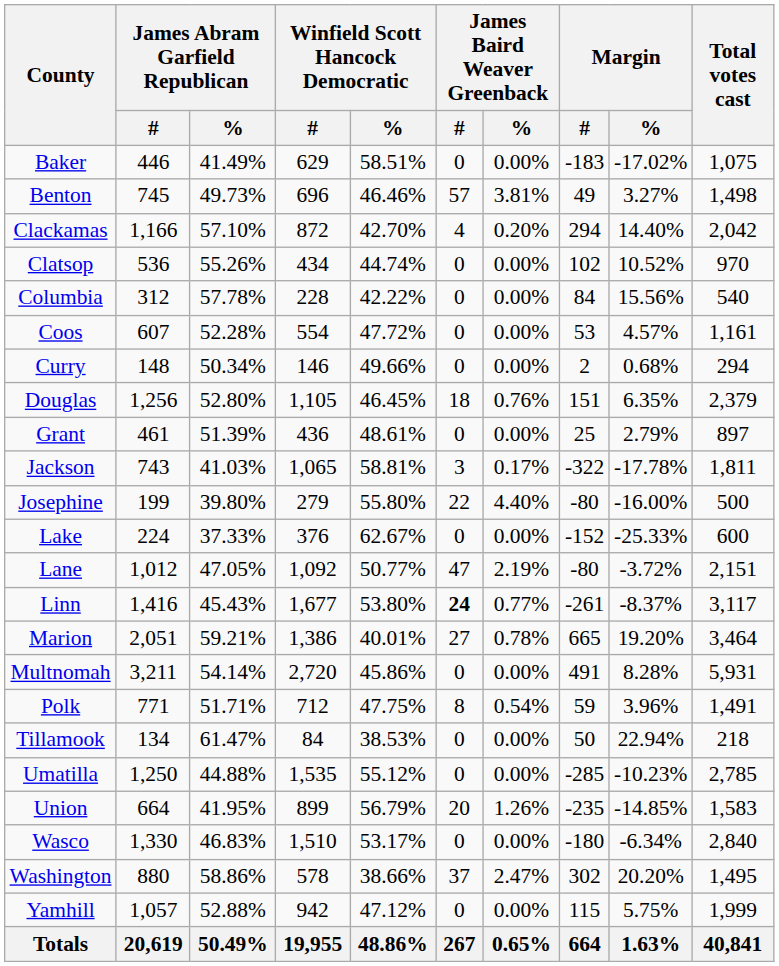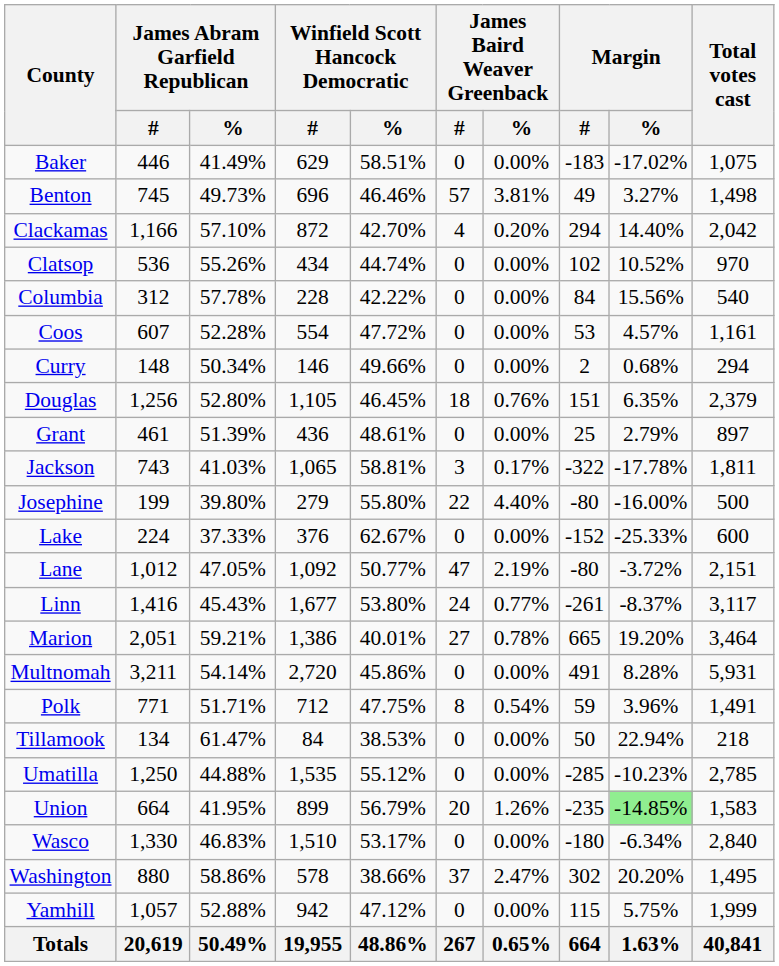 <table width="65%"  class="wikitable sortable" style="text-align:center">
 <tr>
 <th style="text-align:center;" rowspan="2">County</th>
 <th style="text-align:center;" colspan="2">James Abram Garfield<br>Republican</th>
 <th style="text-align:center;" colspan="2">Winfield Scott Hancock<br>Democratic</th>
 <th style="text-align:center;" colspan="2">James Baird Weaver<br>Greenback</th>
 <th style="text-align:center;" colspan="2">Margin</th>
 <th style="text-align:center;" rowspan="2">Total votes cast</th>
 </tr>
 <tr>
 <th style="text-align:center;" data-sort-type="number">#</th>
 <th style="text-align:center;" data-sort-type="number">%</th>
 <th style="text-align:center;" data-sort-type="number">#</th>
 <th style="text-align:center;" data-sort-type="number">%</th>
 <th style="text-align:center;" data-sort-type="number">#</th>
 <th style="text-align:center;" data-sort-type="number">%</th>
 <th style="text-align:center;" data-sort-type="number">#</th>
 <th style="text-align:center;" data-sort-type="number">%</th>
 </tr>
 <tr style="text-align:center;">
 <td><a href='#'>Baker</a></td>
 <td>446</td>
 <td>41.49%</td>
 <td>629</td>
 <td>58.51%</td>
 <td>0</td>
 <td>0.00%</td>
 <td>-183</td>
 <td>-17.02%</td>
 <td>1,075</td>
 </tr>
 <tr style="text-align:center;">
 <td><a href='#'>Benton</a></td>
 <td>745</td>
 <td>49.73%</td>
 <td>696</td>
 <td>46.46%</td>
 <td>57</td>
 <td>3.81%</td>
 <td>49</td>
 <td>3.27%</td>
 <td>1,498</td>
 </tr>
 <tr style="text-align:center;">
 <td><a href='#'>Clackamas</a></td>
 <td>1,166</td>
 <td>57.10%</td>
 <td>872</td>
 <td>42.70%</td>
 <td>4</td>
 <td>0.20%</td>
 <td>294</td>
 <td>14.40%</td>
 <td>2,042</td>
 </tr>
 <tr style="text-align:center;">
 <td><a href='#'>Clatsop</a></td>
 <td>536</td>
 <td>55.26%</td>
 <td>434</td>
 <td>44.74%</td>
 <td>0</td>
 <td>0.00%</td>
 <td>102</td>
 <td>10.52%</td>
 <td>970</td>
 </tr>
 <tr style="text-align:center;">
 <td><a href='#'>Columbia</a></td>
 <td>312</td>
 <td>57.78%</td>
 <td>228</td>
 <td>42.22%</td>
 <td>0</td>
 <td>0.00%</td>
 <td>84</td>
 <td>15.56%</td>
 <td>540</td>
 </tr>
 <tr style="text-align:center;">
 <td><a href='#'>Coos</a></td>
 <td>607</td>
 <td>52.28%</td>
 <td>554</td>
 <td>47.72%</td>
 <td>0</td>
 <td>0.00%</td>
 <td>53</td>
 <td>4.57%</td>
 <td>1,161</td>
 </tr>
 <tr style="text-align:center;">
 <td><a href='#'>Curry</a></td>
 <td>148</td>
 <td>50.34%</td>
 <td>146</td>
 <td>49.66%</td>
 <td>0</td>
 <td>0.00%</td>
 <td>2</td>
 <td>0.68%</td>
 <td>294</td>
 </tr>
 <tr style="text-align:center;">
 <td><a href='#'>Douglas</a></td>
 <td>1,256</td>
 <td>52.80%</td>
 <td>1,105</td>
 <td>46.45%</td>
 <td>18</td>
 <td>0.76%</td>
 <td>151</td>
 <td>6.35%</td>
 <td>2,379</td>
 </tr>
 <tr style="text-align:center;">
 <td><a href='#'>Grant</a></td>
 <td>461</td>
 <td>51.39%</td>
 <td>436</td>
 <td>48.61%</td>
 <td>0</td>
 <td>0.00%</td>
 <td>25</td>
 <td>2.79%</td>
 <td>897</td>
 </tr>
 <tr style="text-align:center;">
 <td><a href='#'>Jackson</a></td>
 <td>743</td>
 <td>41.03%</td>
 <td>1,065</td>
 <td>58.81%</td>
 <td>3</td>
 <td>0.17%</td>
 <td>-322</td>
 <td>-17.78%</td>
 <td>1,811</td>
 </tr>
 <tr style="text-align:center;">
 <td><a href='#'>Josephine</a></td>
 <td>199</td>
 <td>39.80%</td>
 <td>279</td>
 <td>55.80%</td>
 <td>22</td>
 <td>4.40%</td>
 <td>-80</td>
 <td>-16.00%</td>
 <td>500</td>
 </tr>
 <tr style="text-align:center;">
 <td><a href='#'>Lake</a></td>
 <td>224</td>
 <td>37.33%</td>
 <td>376</td>
 <td>62.67%</td>
 <td>0</td>
 <td>0.00%</td>
 <td>-152</td>
 <td>-25.33%</td>
 <td>600</td>
 </tr>
 <tr style="text-align:center;">
 <td><a href='#'>Lane</a></td>
 <td>1,012</td>
 <td>47.05%</td>
 <td>1,092</td>
 <td>50.77%</td>
 <td>47</td>
 <td>2.19%</td>
 <td>-80</td>
 <td>-3.72%</td>
 <td>2,151</td>
 </tr>
 <tr style="text-align:center;">
 <td><a href='#'>Linn</a></td>
 <td>1,416</td>
 <td>45.43%</td>
 <td>1,677</td>
 <td>53.80%</td>
-<td><strong>24</strong></td>
+<td>24</td>
 <td>0.77%</td>
 <td>-261</td>
 <td>-8.37%</td>
 <td>3,117</td>
 </tr>
 <tr style="text-align:center;">
 <td><a href='#'>Marion</a></td>
 <td>2,051</td>
 <td>59.21%</td>
 <td>1,386</td>
 <td>40.01%</td>
 <td>27</td>
 <td>0.78%</td>
 <td>665</td>
 <td>19.20%</td>
 <td>3,464</td>
 </tr>
 <tr style="text-align:center;">
 <td><a href='#'>Multnomah</a></td>
 <td>3,211</td>
 <td>54.14%</td>
 <td>2,720</td>
 <td>45.86%</td>
 <td>0</td>
 <td>0.00%</td>
 <td>491</td>
 <td>8.28%</td>
 <td>5,931</td>
 </tr>
 <tr style="text-align:center;">
 <td><a href='#'>Polk</a></td>
 <td>771</td>
 <td>51.71%</td>
 <td>712</td>
 <td>47.75%</td>
 <td>8</td>
 <td>0.54%</td>
 <td>59</td>
 <td>3.96%</td>
 <td>1,491</td>
 </tr>
 <tr style="text-align:center;">
 <td><a href='#'>Tillamook</a></td>
 <td>134</td>
 <td>61.47%</td>
 <td>84</td>
 <td>38.53%</td>
 <td>0</td>
 <td>0.00%</td>
 <td>50</td>
 <td>22.94%</td>
 <td>218</td>
 </tr>
 <tr style="text-align:center;">
 <td><a href='#'>Umatilla</a></td>
 <td>1,250</td>
 <td>44.88%</td>
 <td>1,535</td>
 <td>55.12%</td>
 <td>0</td>
 <td>0.00%</td>
 <td>-285</td>
 <td>-10.23%</td>
 <td>2,785</td>
 </tr>
 <tr style="text-align:center;">
 <td><a href='#'>Union</a></td>
 <td>664</td>
 <td>41.95%</td>
 <td>899</td>
 <td>56.79%</td>
 <td>20</td>
 <td>1.26%</td>
 <td>-235</td>
-<td>-14.85%</td>
+<td style="background: lightgreen;">-14.85%</td>
 <td>1,583</td>
 </tr>
 <tr style="text-align:center;">
 <td><a href='#'>Wasco</a></td>
 <td>1,330</td>
 <td>46.83%</td>
 <td>1,510</td>
 <td>53.17%</td>
 <td>0</td>
 <td>0.00%</td>
 <td>-180</td>
 <td>-6.34%</td>
 <td>2,840</td>
 </tr>
 <tr style="text-align:center;">
 <td><a href='#'>Washington</a></td>
 <td>880</td>
 <td>58.86%</td>
 <td>578</td>
 <td>38.66%</td>
 <td>37</td>
 <td>2.47%</td>
 <td>302</td>
 <td>20.20%</td>
 <td>1,495</td>
 </tr>
 <tr style="text-align:center;">
 <td><a href='#'>Yamhill</a></td>
 <td>1,057</td>
 <td>52.88%</td>
 <td>942</td>
 <td>47.12%</td>
 <td>0</td>
 <td>0.00%</td>
 <td>115</td>
 <td>5.75%</td>
 <td>1,999</td>
 </tr>
 <tr style="text-align:center;">
 <th>Totals</th>
 <th>20,619</th>
 <th>50.49%</th>
 <th>19,955</th>
 <th>48.86%</th>
 <th>267</th>
 <th>0.65%</th>
 <th>664</th>
 <th>1.63%</th>
 <th>40,841</th>
 </tr>
 </table>
